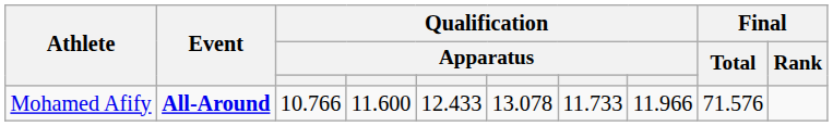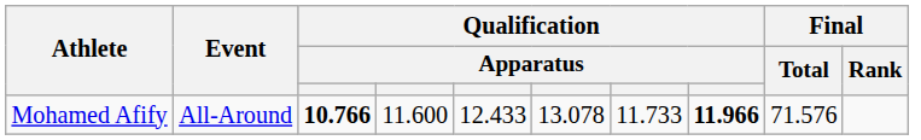 <table class="wikitable" style="font-size:90%">
 <tr>
 <th rowspan=3>Athlete</th>
 <th rowspan=3>Event</th>
 <th colspan =6>Qualification</th>
 <th colspan =7>Final</th>
 </tr>
 <tr style="font-size:95%">
 <th colspan=6>Apparatus</th>
 <th rowspan=2>Total</th>
 <th rowspan=2>Rank</th>
 </tr>
 <tr style="font-size:95%">
 <th></th>
 <th></th>
 <th></th>
 <th></th>
 <th></th>
 <th></th>
 </tr>
 <tr align=center>
 <td align=left><a href='#'>Mohamed Afify</a></td>
-<td align=left><strong><a href='#'>All-Around</a></strong></td>
-<td>10.766</td>
+<td align=left><a href='#'>All-Around</a></td>
+<td><strong>10.766</strong></td>
 <td>11.600</td>
 <td>12.433</td>
 <td>13.078</td>
 <td>11.733</td>
-<td>11.966</td>
+<td><strong>11.966</strong></td>
 <td>71.576</td>
 <td></td>
 </tr>
 </table>
